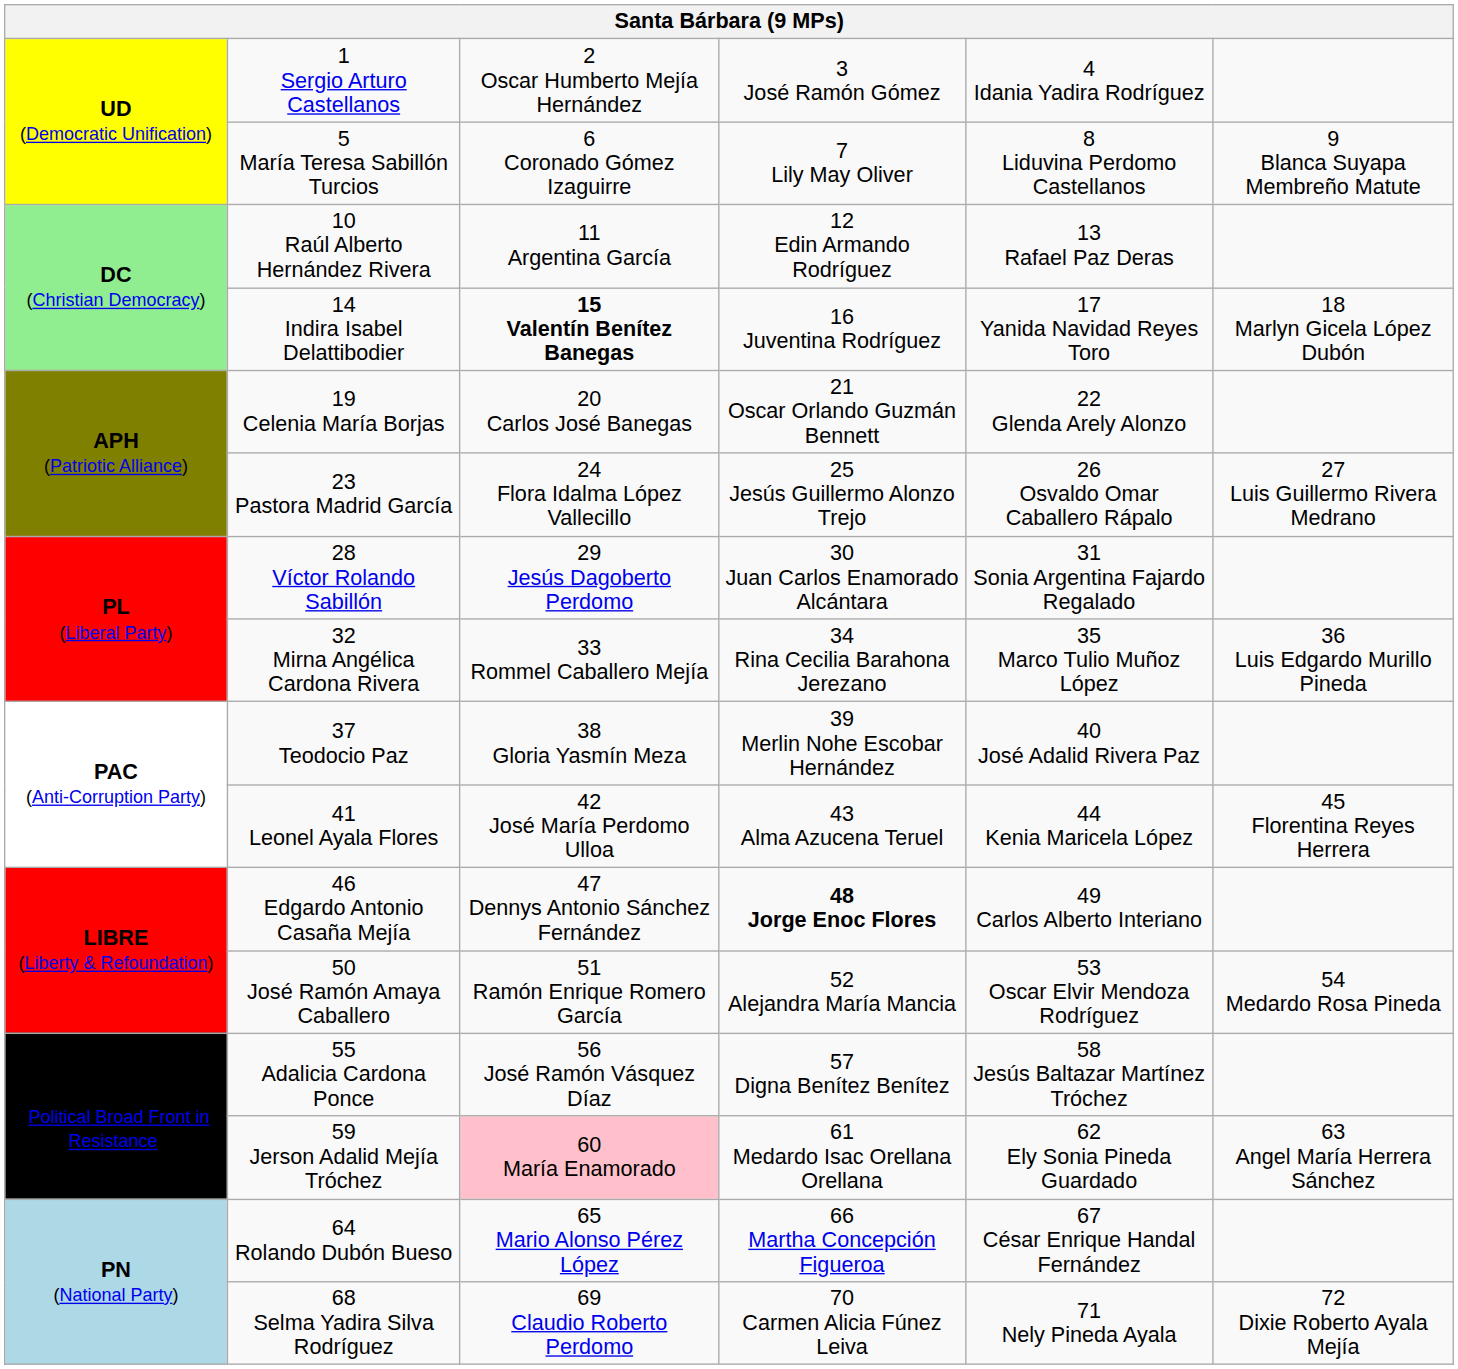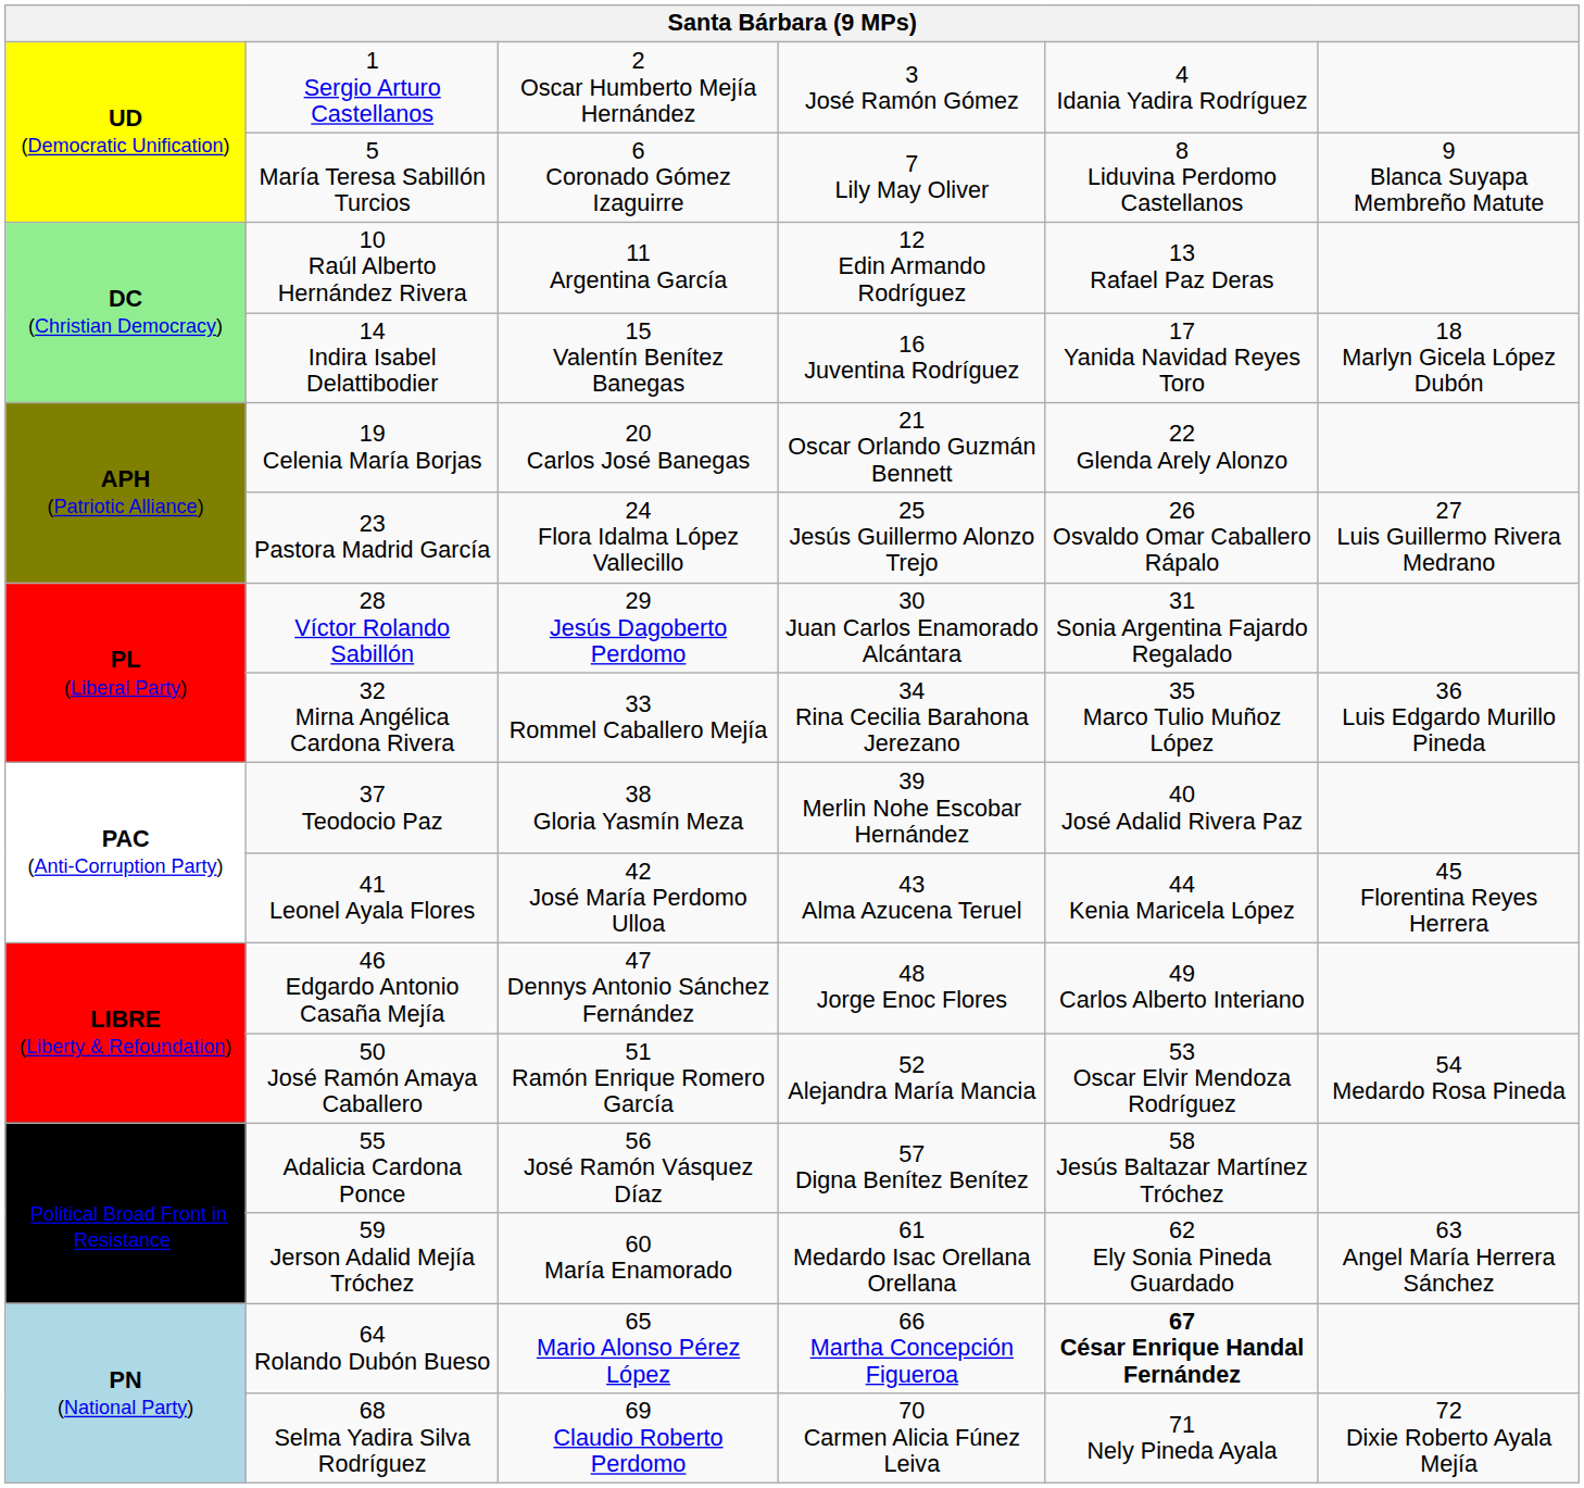 <table class="wikitable" align="center" style="width: 85%">
 <tr>
 <th colspan=24>Santa Bárbara (9 MPs)</th>
 </tr>
 <tr align="center">
 <td bgcolor="yellow" rowspan=2><span><span><strong>UD</strong></span></span><br><small>(<a href='#'>Democratic Unification</a>)</small></td>
 <td>1<br><a href='#'>Sergio Arturo Castellanos</a></td>
 <td>2<br>Oscar Humberto Mejía Hernández</td>
 <td>3<br>José Ramón Gómez</td>
 <td>4<br>Idania Yadira Rodríguez</td>
 </tr>
 <tr align="center">
 <td>5<br>María Teresa Sabillón Turcios</td>
 <td>6<br>Coronado Gómez Izaguirre</td>
 <td>7<br>Lily May Oliver</td>
 <td>8<br>Liduvina Perdomo Castellanos</td>
 <td>9<br>Blanca Suyapa Membreño Matute</td>
 </tr>
 <tr align="center">
 <td bgcolor="lightgreen" rowspan=2><span><span><strong>DC</strong></span></span><br><small>(<a href='#'>Christian Democracy</a>)</small></td>
 <td>10<br>Raúl Alberto Hernández Rivera</td>
 <td>11<br>Argentina García</td>
 <td>12<br>Edin Armando Rodríguez</td>
 <td>13<br>Rafael Paz Deras</td>
 </tr>
 <tr align="center">
 <td>14<br>Indira Isabel Delattibodier</td>
-<td><strong>15<br>Valentín Benítez Banegas</strong></td>
+<td>15<br>Valentín Benítez Banegas</td>
 <td>16<br>Juventina Rodríguez</td>
 <td>17<br>Yanida Navidad Reyes Toro</td>
 <td>18<br>Marlyn Gicela López Dubón</td>
 </tr>
 <tr align="center">
 <td bgcolor="olive" rowspan=2><span><span><strong>APH</strong></span></span><br><small>(<a href='#'>Patriotic Alliance</a>)</small></td>
 <td>19<br>Celenia María Borjas</td>
 <td>20<br>Carlos José Banegas</td>
 <td>21<br>Oscar Orlando Guzmán Bennett</td>
 <td>22<br>Glenda Arely Alonzo</td>
 </tr>
 <tr align="center">
 <td>23<br>Pastora Madrid García</td>
 <td>24<br>Flora Idalma López Vallecillo</td>
 <td>25<br>Jesús Guillermo Alonzo Trejo</td>
 <td>26<br>Osvaldo Omar Caballero Rápalo</td>
 <td>27<br>Luis Guillermo Rivera Medrano</td>
 </tr>
 <tr align="center">
 <td bgcolor="red" rowspan=2><span><span><strong>PL</strong></span></span><br><small>(<a href='#'>Liberal Party</a>)</small></td>
 <td>28<br><a href='#'>Víctor Rolando Sabillón</a></td>
 <td>29<br><a href='#'>Jesús Dagoberto Perdomo</a></td>
 <td>30<br>Juan Carlos Enamorado Alcántara</td>
 <td>31<br>Sonia Argentina Fajardo Regalado</td>
 </tr>
 <tr align="center">
 <td>32<br>Mirna Angélica Cardona Rivera</td>
 <td>33<br>Rommel Caballero Mejía</td>
 <td>34<br>Rina Cecilia Barahona Jerezano</td>
 <td>35<br>Marco Tulio Muñoz López</td>
 <td>36<br>Luis Edgardo Murillo Pineda</td>
 </tr>
 <tr align="center">
 <td bgcolor="white" rowspan=2><span><span><strong>PAC</strong></span></span><br><small>(<a href='#'>Anti-Corruption Party</a>)</small></td>
 <td>37<br>Teodocio Paz</td>
 <td>38<br>Gloria Yasmín Meza</td>
 <td>39<br>Merlin Nohe Escobar Hernández</td>
 <td>40<br>José Adalid Rivera Paz</td>
 </tr>
 <tr align="center">
 <td>41<br>Leonel Ayala Flores</td>
 <td>42<br>José María Perdomo Ulloa</td>
 <td>43<br>Alma Azucena Teruel</td>
 <td>44<br>Kenia Maricela López</td>
 <td>45<br>Florentina Reyes Herrera</td>
 </tr>
 <tr align="center">
 <td bgcolor="red" rowspan=2><span><span><strong>LIBRE</strong></span></span><br><small>(<a href='#'>Liberty & Refoundation</a>)</small></td>
 <td>46<br>Edgardo Antonio Casaña Mejía</td>
 <td>47<br>Dennys Antonio Sánchez Fernández</td>
-<td><strong>48<br>Jorge Enoc Flores</strong></td>
+<td>48<br>Jorge Enoc Flores</td>
 <td>49<br>Carlos Alberto Interiano</td>
 </tr>
 <tr align="center">
 <td>50<br>José Ramón Amaya Caballero</td>
 <td>51<br>Ramón Enrique Romero García</td>
 <td>52<br>Alejandra María Mancia</td>
 <td>53<br>Oscar Elvir Mendoza Rodríguez</td>
 <td>54<br>Medardo Rosa Pineda</td>
 </tr>
 <tr align="center">
 <td bgcolor="black" rowspan=2><span><span><strong>FAPER</strong></span></span><br><small>(<a href='#'>Political Broad Front in Resistance</a>)</small></td>
 <td>55<br>Adalicia Cardona Ponce</td>
 <td>56<br>José Ramón Vásquez Díaz</td>
 <td>57<br>Digna Benítez Benítez</td>
 <td>58<br>Jesús Baltazar Martínez Tróchez</td>
 </tr>
 <tr align="center">
 <td>59<br>Jerson Adalid Mejía Tróchez</td>
-<td style="background: pink;">60<br>María Enamorado</td>
+<td>60<br>María Enamorado</td>
 <td>61<br>Medardo Isac Orellana Orellana</td>
 <td>62<br>Ely Sonia Pineda Guardado</td>
 <td>63<br>Angel María Herrera Sánchez</td>
 </tr>
 <tr align="center">
 <td bgcolor="lightblue" rowspan=2><span><span><strong>PN</strong></span></span><br><small>(<a href='#'>National Party</a>)</small></td>
 <td>64<br>Rolando Dubón Bueso</td>
 <td>65<br><a href='#'>Mario Alonso Pérez López</a></td>
 <td>66<br><a href='#'>Martha Concepción Figueroa</a></td>
-<td>67<br>César Enrique Handal Fernández</td>
+<td><strong>67<br>César Enrique Handal Fernández</strong></td>
 </tr>
 <tr align="center">
 <td>68<br>Selma Yadira Silva Rodríguez</td>
 <td>69<br><a href='#'>Claudio Roberto Perdomo</a></td>
 <td>70<br>Carmen Alicia Fúnez Leiva</td>
 <td>71<br>Nely Pineda Ayala</td>
 <td>72<br>Dixie Roberto Ayala Mejía</td>
 </tr>
 </table>
